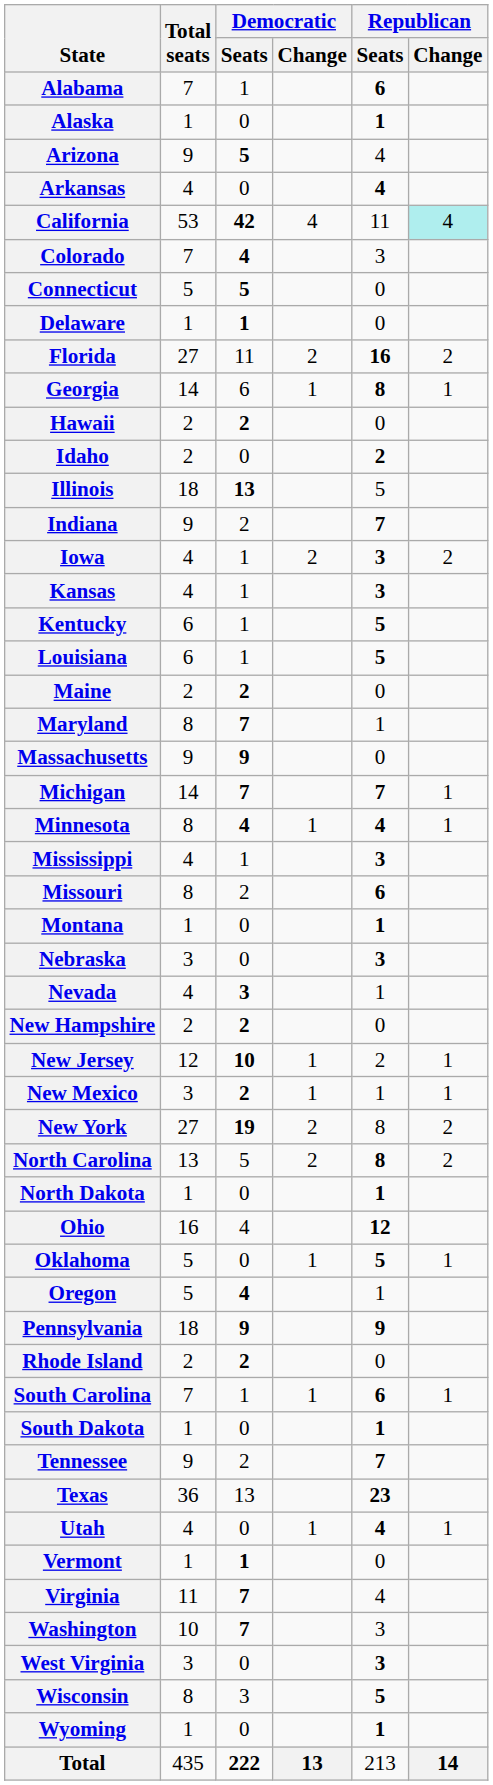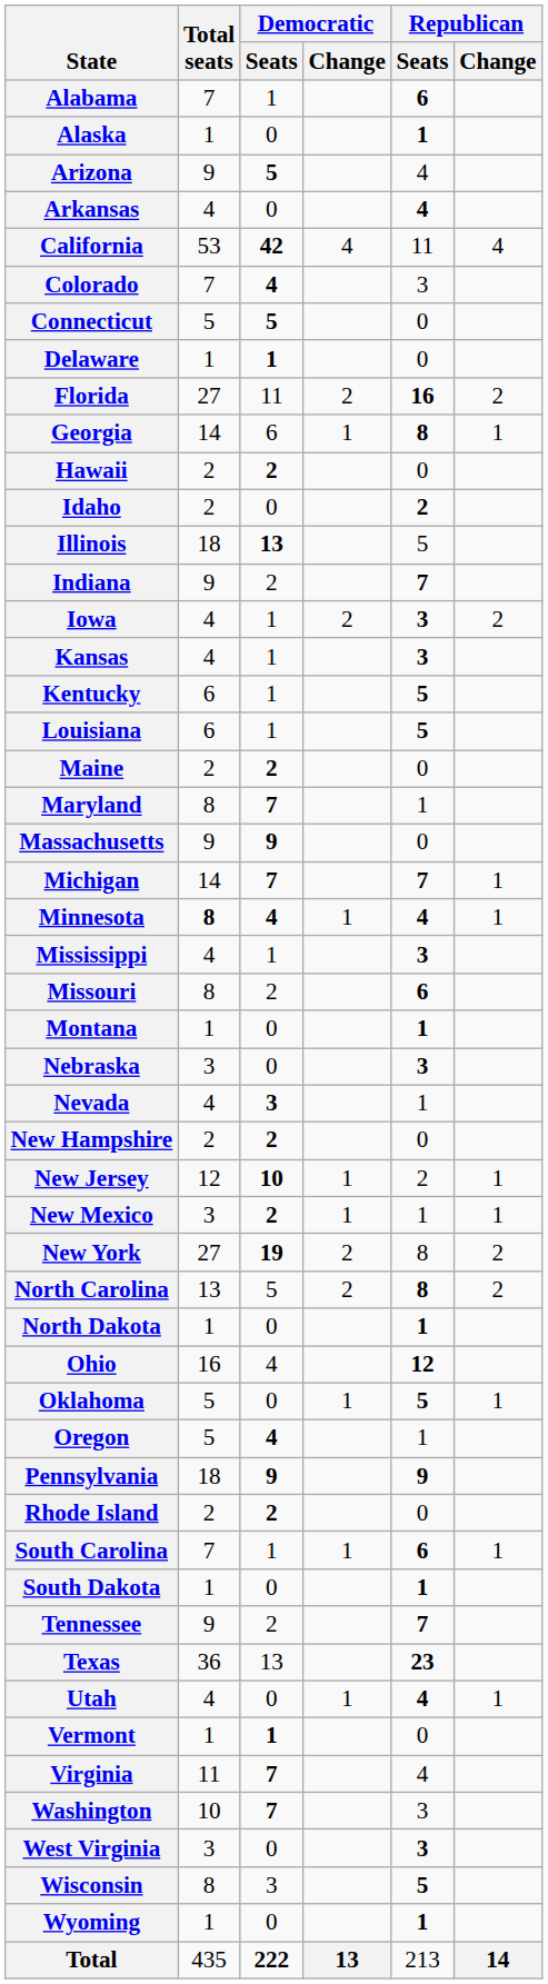 <table class="wikitable sortable" style="text-align:center">
 <tr valign=bottom>
 <th rowspan=2>State</th>
 <th rowspan=2>Total<br>seats</th>
 <th colspan=2 ><a href='#'>Democratic</a></th>
 <th colspan=2 ><a href='#'>Republican</a></th>
 </tr>
 <tr>
 <th>Seats</th>
 <th>Change</th>
 <th>Seats</th>
 <th>Change</th>
 </tr>
 <tr>
 <th><a href='#'>Alabama</a></th>
 <td>7</td>
 <td>1</td>
 <td></td>
 <td><strong>6</strong></td>
 <td></td>
 </tr>
 <tr>
 <th><a href='#'>Alaska</a></th>
 <td>1</td>
 <td>0</td>
 <td></td>
 <td><strong>1</strong></td>
 <td></td>
 </tr>
 <tr>
 <th><a href='#'>Arizona</a></th>
 <td>9</td>
 <td><strong>5</strong></td>
 <td></td>
 <td>4</td>
 <td></td>
 </tr>
 <tr>
 <th><a href='#'>Arkansas</a></th>
 <td>4</td>
 <td>0</td>
 <td></td>
 <td><strong>4</strong></td>
 <td></td>
 </tr>
 <tr>
 <th><a href='#'>California</a></th>
 <td>53</td>
 <td><strong>42</strong></td>
 <td> 4</td>
 <td>11</td>
-<td style="background: paleturquoise;"> 4</td>
+<td> 4</td>
 </tr>
 <tr>
 <th><a href='#'>Colorado</a></th>
 <td>7</td>
 <td><strong>4</strong></td>
 <td></td>
 <td>3</td>
 <td></td>
 </tr>
 <tr>
 <th><a href='#'>Connecticut</a></th>
 <td>5</td>
 <td><strong>5</strong></td>
 <td></td>
 <td>0</td>
 <td></td>
 </tr>
 <tr>
 <th><a href='#'>Delaware</a></th>
 <td>1</td>
 <td><strong>1</strong></td>
 <td></td>
 <td>0</td>
 <td></td>
 </tr>
 <tr>
 <th><a href='#'>Florida</a></th>
 <td>27</td>
 <td>11</td>
 <td> 2</td>
 <td><strong>16</strong></td>
 <td> 2</td>
 </tr>
 <tr>
 <th><a href='#'>Georgia</a></th>
 <td>14</td>
 <td>6</td>
 <td> 1</td>
 <td><strong>8</strong></td>
 <td> 1</td>
 </tr>
 <tr>
 <th><a href='#'>Hawaii</a></th>
 <td>2</td>
 <td><strong>2</strong></td>
 <td></td>
 <td>0</td>
 <td></td>
 </tr>
 <tr>
 <th><a href='#'>Idaho</a></th>
 <td>2</td>
 <td>0</td>
 <td></td>
 <td><strong>2</strong></td>
 <td></td>
 </tr>
 <tr>
 <th><a href='#'>Illinois</a></th>
 <td>18</td>
 <td><strong>13</strong></td>
 <td></td>
 <td>5</td>
 <td></td>
 </tr>
 <tr>
 <th><a href='#'>Indiana</a></th>
 <td>9</td>
 <td>2</td>
 <td></td>
 <td><strong>7</strong></td>
 <td></td>
 </tr>
 <tr>
 <th><a href='#'>Iowa</a></th>
 <td>4</td>
 <td>1</td>
 <td> 2</td>
 <td><strong>3</strong></td>
 <td> 2</td>
 </tr>
 <tr>
 <th><a href='#'>Kansas</a></th>
 <td>4</td>
 <td>1</td>
 <td></td>
 <td><strong>3</strong></td>
 <td></td>
 </tr>
 <tr>
 <th><a href='#'>Kentucky</a></th>
 <td>6</td>
 <td>1</td>
 <td></td>
 <td><strong>5</strong></td>
 <td></td>
 </tr>
 <tr>
 <th><a href='#'>Louisiana</a></th>
 <td>6</td>
 <td>1</td>
 <td></td>
 <td><strong>5</strong></td>
 <td></td>
 </tr>
 <tr>
 <th><a href='#'>Maine</a></th>
 <td>2</td>
 <td><strong>2</strong></td>
 <td></td>
 <td>0</td>
 <td></td>
 </tr>
 <tr>
 <th><a href='#'>Maryland</a></th>
 <td>8</td>
 <td><strong>7</strong></td>
 <td></td>
 <td>1</td>
 <td></td>
 </tr>
 <tr>
 <th><a href='#'>Massachusetts</a></th>
 <td>9</td>
 <td><strong>9</strong></td>
 <td></td>
 <td>0</td>
 <td></td>
 </tr>
 <tr>
 <th><a href='#'>Michigan</a></th>
 <td>14</td>
 <td><strong>7</strong></td>
 <td></td>
 <td><strong>7</strong></td>
 <td> 1</td>
 </tr>
 <tr>
 <th><a href='#'>Minnesota</a></th>
-<td>8</td>
+<td><strong>8</strong></td>
 <td><strong>4</strong></td>
 <td> 1</td>
 <td><strong>4</strong></td>
 <td> 1</td>
 </tr>
 <tr>
 <th><a href='#'>Mississippi</a></th>
 <td>4</td>
 <td>1</td>
 <td></td>
 <td><strong>3</strong></td>
 <td></td>
 </tr>
 <tr>
 <th><a href='#'>Missouri</a></th>
 <td>8</td>
 <td>2</td>
 <td></td>
 <td><strong>6</strong></td>
 <td></td>
 </tr>
 <tr>
 <th><a href='#'>Montana</a></th>
 <td>1</td>
 <td>0</td>
 <td></td>
 <td><strong>1</strong></td>
 <td></td>
 </tr>
 <tr>
 <th><a href='#'>Nebraska</a></th>
 <td>3</td>
 <td>0</td>
 <td></td>
 <td><strong>3</strong></td>
 <td></td>
 </tr>
 <tr>
 <th><a href='#'>Nevada</a></th>
 <td>4</td>
 <td><strong>3</strong></td>
 <td></td>
 <td>1</td>
 <td></td>
 </tr>
 <tr>
 <th><a href='#'>New Hampshire</a></th>
 <td>2</td>
 <td><strong>2</strong></td>
 <td></td>
 <td>0</td>
 <td></td>
 </tr>
 <tr>
 <th><a href='#'>New Jersey</a></th>
 <td>12</td>
 <td><strong>10</strong></td>
 <td> 1</td>
 <td>2</td>
 <td> 1</td>
 </tr>
 <tr>
 <th><a href='#'>New Mexico</a></th>
 <td>3</td>
 <td><strong>2</strong></td>
 <td> 1</td>
 <td>1</td>
 <td> 1</td>
 </tr>
 <tr>
 <th><a href='#'>New York</a></th>
 <td>27</td>
 <td><strong>19</strong></td>
 <td> 2</td>
 <td>8</td>
 <td> 2</td>
 </tr>
 <tr>
 <th><a href='#'>North Carolina</a></th>
 <td>13</td>
 <td>5</td>
 <td> 2</td>
 <td><strong>8</strong></td>
 <td> 2</td>
 </tr>
 <tr>
 <th><a href='#'>North Dakota</a></th>
 <td>1</td>
 <td>0</td>
 <td></td>
 <td><strong>1</strong></td>
 <td></td>
 </tr>
 <tr>
 <th><a href='#'>Ohio</a></th>
 <td>16</td>
 <td>4</td>
 <td></td>
 <td><strong>12</strong></td>
 <td></td>
 </tr>
 <tr>
 <th><a href='#'>Oklahoma</a></th>
 <td>5</td>
 <td>0</td>
 <td> 1</td>
 <td><strong>5</strong></td>
 <td> 1</td>
 </tr>
 <tr>
 <th><a href='#'>Oregon</a></th>
 <td>5</td>
 <td><strong>4</strong></td>
 <td></td>
 <td>1</td>
 <td></td>
 </tr>
 <tr>
 <th><a href='#'>Pennsylvania</a></th>
 <td>18</td>
 <td><strong>9</strong></td>
 <td></td>
 <td><strong>9</strong></td>
 <td></td>
 </tr>
 <tr>
 <th><a href='#'>Rhode Island</a></th>
 <td>2</td>
 <td><strong>2</strong></td>
 <td></td>
 <td>0</td>
 <td></td>
 </tr>
 <tr>
 <th><a href='#'>South Carolina</a></th>
 <td>7</td>
 <td>1</td>
 <td> 1</td>
 <td><strong>6</strong></td>
 <td> 1</td>
 </tr>
 <tr>
 <th><a href='#'>South Dakota</a></th>
 <td>1</td>
 <td>0</td>
 <td></td>
 <td><strong>1</strong></td>
 <td></td>
 </tr>
 <tr>
 <th><a href='#'>Tennessee</a></th>
 <td>9</td>
 <td>2</td>
 <td></td>
 <td><strong>7</strong></td>
 <td></td>
 </tr>
 <tr>
 <th><a href='#'>Texas</a></th>
 <td>36</td>
 <td>13</td>
 <td></td>
 <td><strong>23</strong></td>
 <td></td>
 </tr>
 <tr>
 <th><a href='#'>Utah</a></th>
 <td>4</td>
 <td>0</td>
 <td> 1</td>
 <td><strong>4</strong></td>
 <td> 1</td>
 </tr>
 <tr>
 <th><a href='#'>Vermont</a></th>
 <td>1</td>
 <td><strong>1</strong></td>
 <td></td>
 <td>0</td>
 <td></td>
 </tr>
 <tr>
 <th><a href='#'>Virginia</a></th>
 <td>11</td>
 <td><strong>7</strong></td>
 <td></td>
 <td>4</td>
 <td></td>
 </tr>
 <tr>
 <th><a href='#'>Washington</a></th>
 <td>10</td>
 <td><strong>7</strong></td>
 <td></td>
 <td>3</td>
 <td></td>
 </tr>
 <tr>
 <th><a href='#'>West Virginia</a></th>
 <td>3</td>
 <td>0</td>
 <td></td>
 <td><strong>3</strong></td>
 <td></td>
 </tr>
 <tr>
 <th><a href='#'>Wisconsin</a></th>
 <td>8</td>
 <td>3</td>
 <td></td>
 <td><strong>5</strong></td>
 <td></td>
 </tr>
 <tr>
 <th><a href='#'>Wyoming</a></th>
 <td>1</td>
 <td>0</td>
 <td></td>
 <td><strong>1</strong></td>
 <td></td>
 </tr>
 <tr>
 <th>Total</th>
 <td>435</td>
 <td><strong>222</strong></td>
 <th> 13</th>
 <td>213</td>
 <th> 14</th>
 </tr>
 </table>
